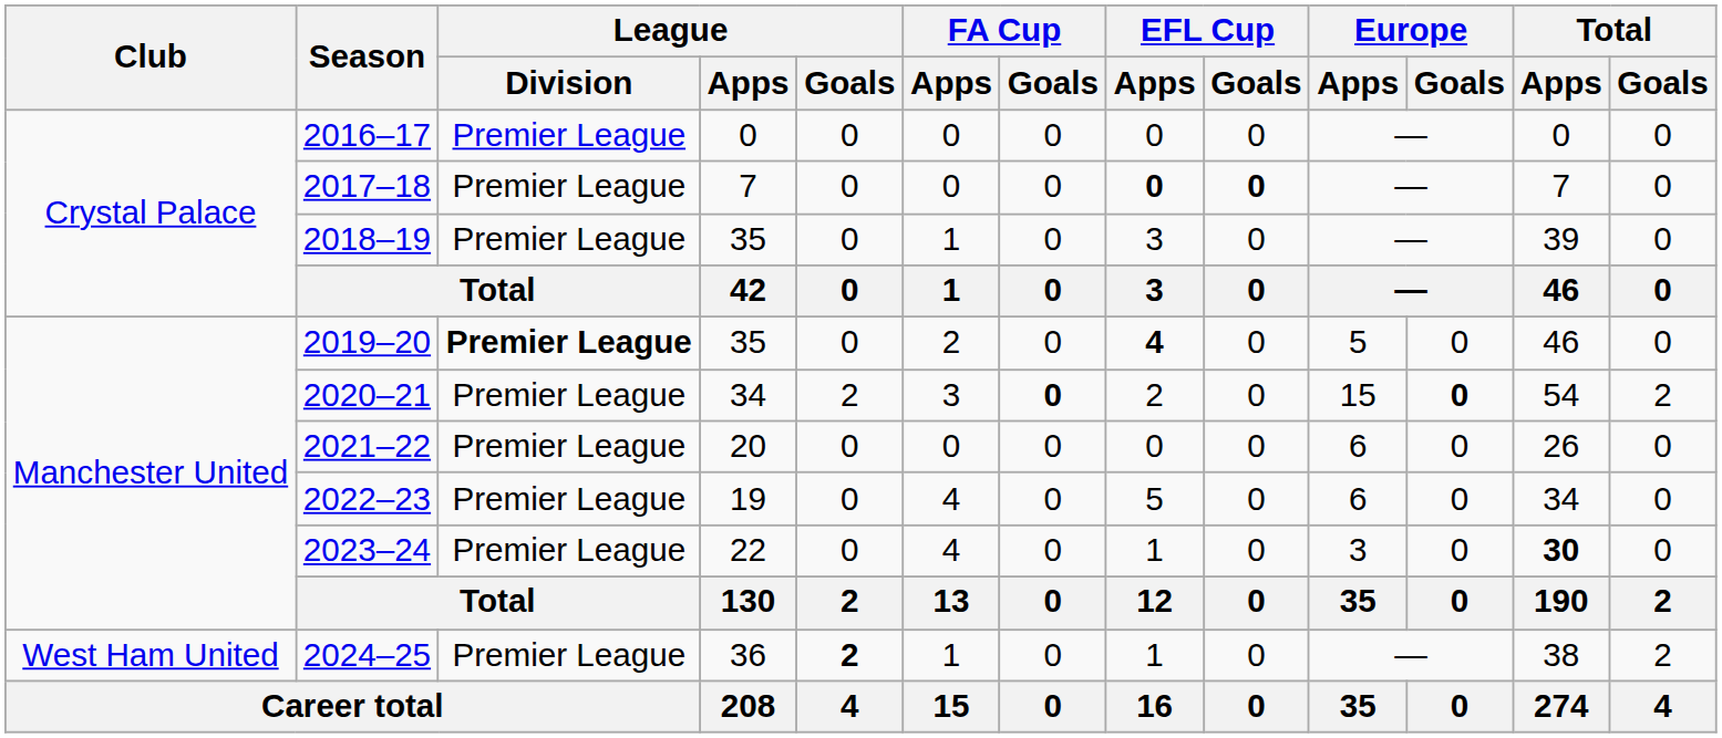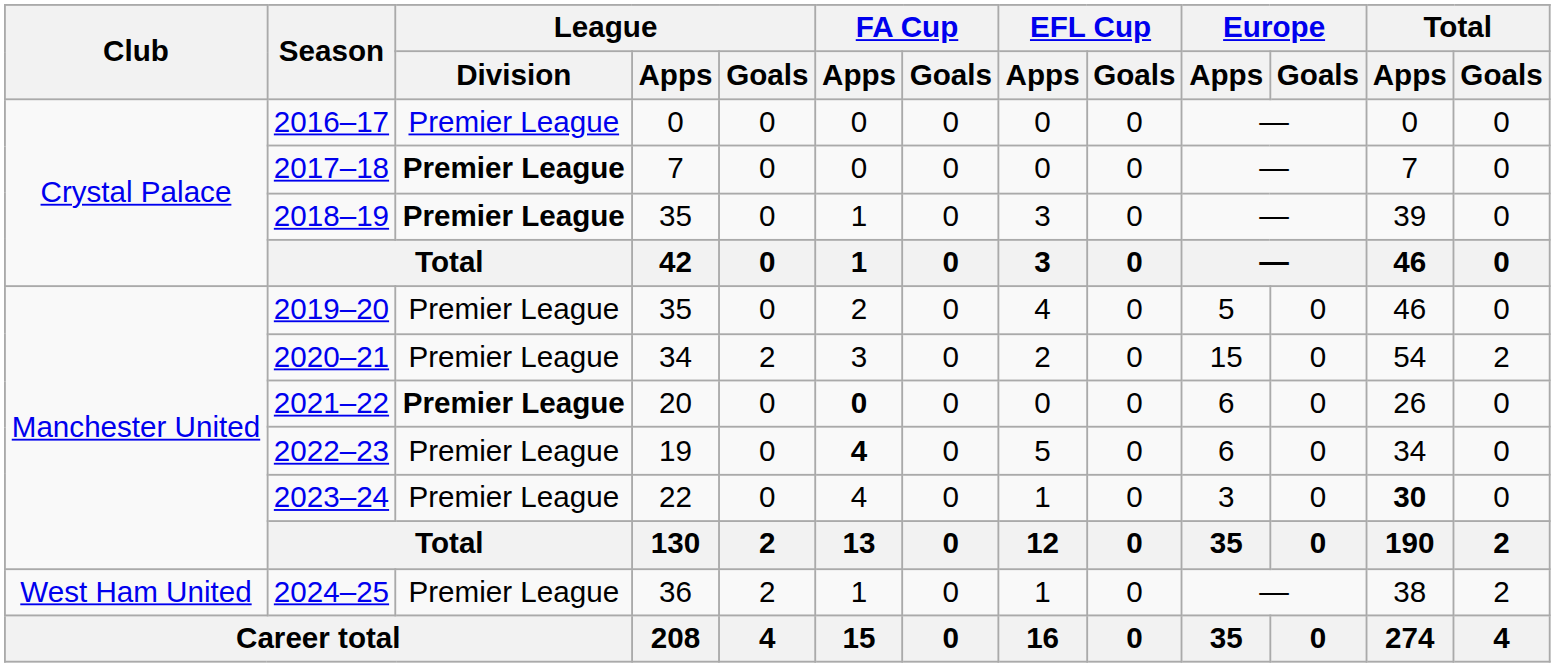 <table class=wikitable style=text-align:center>
 <tr>
 <th rowspan=2>Club</th>
 <th rowspan=2>Season</th>
 <th colspan=3>League</th>
 <th colspan=2><a href='#'>FA Cup</a></th>
 <th colspan=2><a href='#'>EFL Cup</a></th>
 <th colspan=2><a href='#'>Europe</a></th>
 <th colspan=2>Total</th>
 </tr>
 <tr>
 <th>Division</th>
 <th>Apps</th>
 <th>Goals</th>
 <th>Apps</th>
 <th>Goals</th>
 <th>Apps</th>
 <th>Goals</th>
 <th>Apps</th>
 <th>Goals</th>
 <th>Apps</th>
 <th>Goals</th>
 </tr>
 <tr>
 <td rowspan=4><a href='#'>Crystal Palace</a></td>
 <td><a href='#'>2016–17</a></td>
 <td><a href='#'>Premier League</a></td>
 <td>0</td>
 <td>0</td>
 <td>0</td>
 <td>0</td>
 <td>0</td>
 <td>0</td>
 <td colspan=2>—</td>
 <td>0</td>
 <td>0</td>
 </tr>
 <tr>
 <td><a href='#'>2017–18</a></td>
-<td>Premier League</td>
+<td><strong>Premier League</strong></td>
 <td>7</td>
 <td>0</td>
 <td>0</td>
 <td>0</td>
-<td><strong>0</strong></td>
-<td><strong>0</strong></td>
+<td>0</td>
+<td>0</td>
 <td colspan=2>—</td>
 <td>7</td>
 <td>0</td>
 </tr>
 <tr>
 <td><a href='#'>2018–19</a></td>
-<td>Premier League</td>
+<td><strong>Premier League</strong></td>
 <td>35</td>
 <td>0</td>
 <td>1</td>
 <td>0</td>
 <td>3</td>
 <td>0</td>
 <td colspan=2>—</td>
 <td>39</td>
 <td>0</td>
 </tr>
 <tr>
 <th colspan=2>Total</th>
 <th>42</th>
 <th>0</th>
 <th>1</th>
 <th>0</th>
 <th>3</th>
 <th>0</th>
 <th colspan=2>—</th>
 <th>46</th>
 <th>0</th>
 </tr>
 <tr>
 <td rowspan=6><a href='#'>Manchester United</a></td>
 <td><a href='#'>2019–20</a></td>
-<td><strong>Premier League</strong></td>
+<td>Premier League</td>
 <td>35</td>
 <td>0</td>
 <td>2</td>
 <td>0</td>
-<td><strong>4</strong></td>
+<td>4</td>
 <td>0</td>
 <td>5</td>
 <td>0</td>
 <td>46</td>
 <td>0</td>
 </tr>
 <tr>
 <td><a href='#'>2020–21</a></td>
 <td>Premier League</td>
 <td>34</td>
 <td>2</td>
 <td>3</td>
-<td><strong>0</strong></td>
+<td>0</td>
 <td>2</td>
 <td>0</td>
 <td>15</td>
-<td><strong>0</strong></td>
+<td>0</td>
 <td>54</td>
 <td>2</td>
 </tr>
 <tr>
 <td><a href='#'>2021–22</a></td>
-<td>Premier League</td>
+<td><strong>Premier League</strong></td>
 <td>20</td>
 <td>0</td>
-<td>0</td>
+<td><strong>0</strong></td>
 <td>0</td>
 <td>0</td>
 <td>0</td>
 <td>6</td>
 <td>0</td>
 <td>26</td>
 <td>0</td>
 </tr>
 <tr>
 <td><a href='#'>2022–23</a></td>
 <td>Premier League</td>
 <td>19</td>
 <td>0</td>
-<td>4</td>
+<td><strong>4</strong></td>
 <td>0</td>
 <td>5</td>
 <td>0</td>
 <td>6</td>
 <td>0</td>
 <td>34</td>
 <td>0</td>
 </tr>
 <tr>
 <td><a href='#'>2023–24</a></td>
 <td>Premier League</td>
 <td>22</td>
 <td>0</td>
 <td>4</td>
 <td>0</td>
 <td>1</td>
 <td>0</td>
 <td>3</td>
 <td>0</td>
 <td><strong>30</strong></td>
 <td>0</td>
 </tr>
 <tr>
 <th colspan=2>Total</th>
 <th>130</th>
 <th>2</th>
 <th>13</th>
 <th>0</th>
 <th>12</th>
 <th>0</th>
 <th>35</th>
 <th>0</th>
 <th>190</th>
 <th>2</th>
 </tr>
 <tr>
 <td><a href='#'>West Ham United</a></td>
 <td><a href='#'>2024–25</a></td>
 <td>Premier League</td>
 <td>36</td>
-<td><strong>2</strong></td>
+<td>2</td>
 <td>1</td>
 <td>0</td>
 <td>1</td>
 <td>0</td>
 <td colspan=2>—</td>
 <td>38</td>
 <td>2</td>
 </tr>
 <tr>
 <th colspan=3>Career total</th>
 <th>208</th>
 <th>4</th>
 <th>15</th>
 <th>0</th>
 <th>16</th>
 <th>0</th>
 <th>35</th>
 <th>0</th>
 <th>274</th>
 <th>4</th>
 </tr>
 </table>
